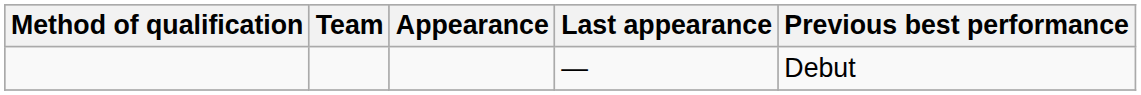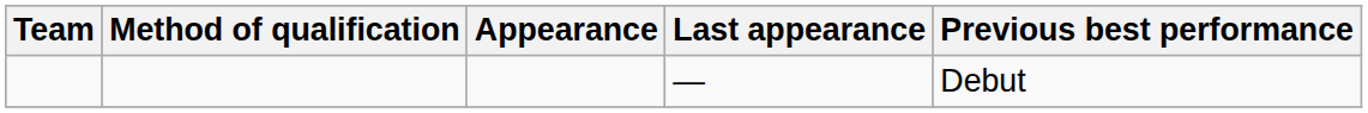 <table class="wikitable sortable">
 <tr>
+<th>Team</th>
 <th>Method of qualification</th>
-<th>Team</th>
 <th data-sort-type="number">Appearance</th>
 <th>Last appearance</th>
 <th>Previous best performance</th>
 </tr>
 <tr>
 <td></td>
 <td></td>
 <td></td>
 <td>—</td>
 <td>Debut</td>
 </tr>
 </table>
